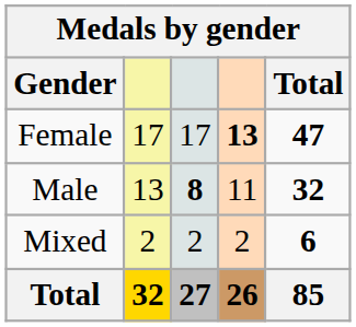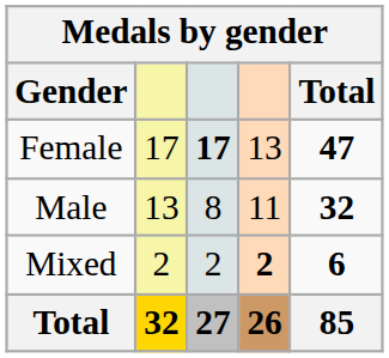 <table class=wikitable style=font-size:85%;float:right;text-align:center>
 <tr>
 <th colspan=6>Medals by gender</th>
 </tr>
 <tr>
 <th>Gender</th>
 <td bgcolor=F7F6A8></td>
 <td bgcolor=DCE5E5></td>
 <td bgcolor=FFDAB9></td>
 <th>Total</th>
 </tr>
 <tr>
 <td>Female</td>
 <td bgcolor=F7F6A8>17</td>
-<td bgcolor=DCE5E5>17</td>
-<td bgcolor=FFDAB9><strong>13</strong></td>
+<td bgcolor=DCE5E5><strong>17</strong></td>
+<td bgcolor=FFDAB9>13</td>
 <td><strong>47</strong></td>
 </tr>
 <tr>
 <td>Male</td>
 <td bgcolor=F7F6A8>13</td>
-<td bgcolor=DCE5E5><strong>8</strong></td>
+<td bgcolor=DCE5E5>8</td>
 <td bgcolor=FFDAB9>11</td>
 <td><strong>32</strong></td>
 </tr>
 <tr>
 <td>Mixed</td>
 <td bgcolor=F7F6A8>2</td>
 <td bgcolor=DCE5E5>2</td>
-<td bgcolor=FFDAB9>2</td>
+<td bgcolor=FFDAB9><strong>2</strong></td>
 <td><strong>6</strong></td>
 </tr>
 <tr>
 <th>Total</th>
 <th style=background:gold><strong>32</strong></th>
 <th style=background:silver><strong>27</strong></th>
 <th style=background:#c96><strong>26</strong></th>
 <th><strong>85</strong></th>
 </tr>
 </table>
